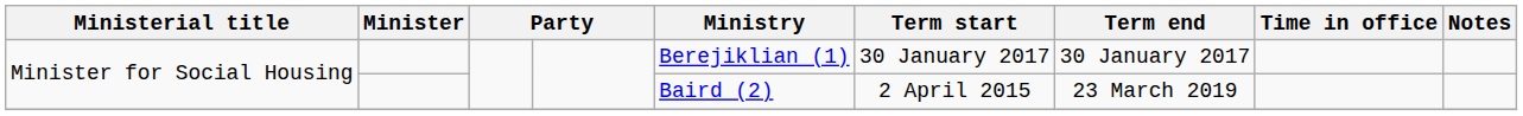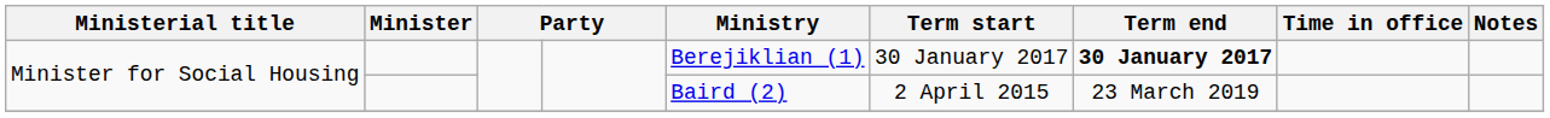 <table class="wikitable sortable">
 <tr>
 <th>Ministerial title</th>
 <th>Minister</th>
 <th colspan="2">Party</th>
 <th>Ministry</th>
 <th data-sort-type="date">Term start</th>
 <th data-sort-type=date>Term end</th>
 <th>Time in office</th>
 <th class="unsortable">Notes</th>
 </tr>
 <tr>
 <td rowspan=2>Minister for Social Housing</td>
 <td></td>
 <td rowspan=2 > </td>
 <td rowspan=2 width=8%></td>
 <td><a href='#'>Berejiklian (1)</a></td>
 <td align=center>30 January 2017</td>
-<td align=center>30 January 2017</td>
+<td align=center><strong>30 January 2017</strong></td>
 <td align=right></td>
 <td></td>
 </tr>
 <tr>
 <td></td>
 <td><a href='#'>Baird (2)</a></td>
 <td align=center>2 April 2015</td>
 <td align=center>23 March 2019</td>
 <td align=right></td>
 <td></td>
 </tr>
 <tr>
 </tr>
 </table>
